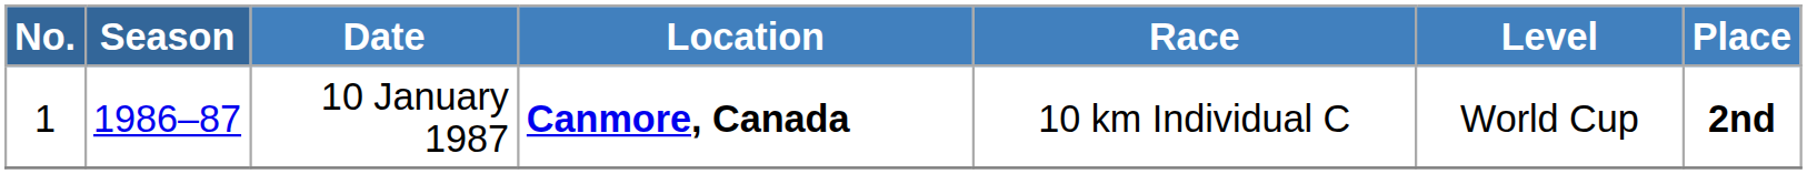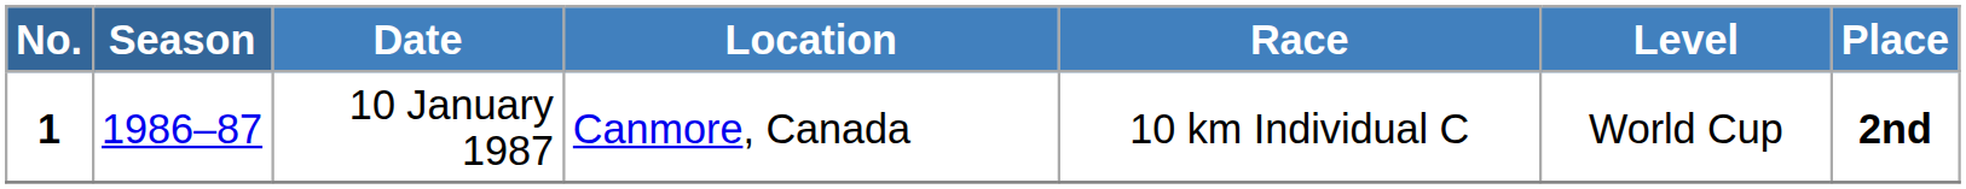 <table class="wikitable sortable" style="font-size:95%; text-align:center; border:grey solid 1px; border-collapse:collapse; background:#ffffff;">
 <tr style="background:#efefef;">
 <th style="background-color:#369; color:white;">No.</th>
 <th style="background-color:#369; color:white;">Season</th>
 <th style="background-color:#4180be; color:white; width:100px;">Date</th>
 <th style="background-color:#4180be; color:white; width:175px;">Location</th>
 <th style="background-color:#4180be; color:white; width:170px;">Race</th>
 <th style="background-color:#4180be; color:white; width:100px;">Level</th>
 <th style="background-color:#4180be; color:white;">Place</th>
 </tr>
 <tr>
-<td align=center>1</td>
+<td align=center><strong>1</strong></td>
 <td rowspan=1 align=center><a href='#'>1986–87</a></td>
 <td align=right>10 January 1987</td>
-<td align=left><strong> <a href='#'>Canmore</a>, Canada</strong></td>
+<td align=left> <a href='#'>Canmore</a>, Canada</td>
 <td>10 km Individual C</td>
 <td>World Cup</td>
 <td><strong>2nd</strong></td>
 </tr>
 <tr>
 </tr>
 </table>
